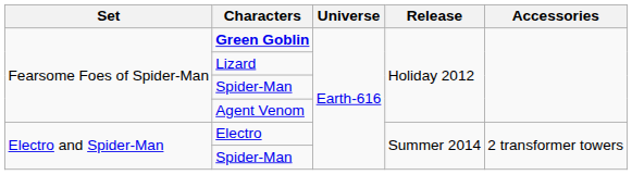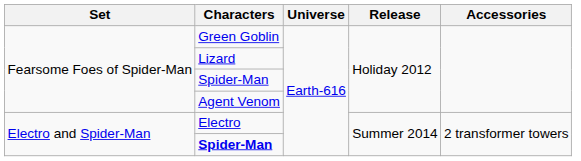 <table class="wikitable sortable">
 <tr>
 <th>Set</th>
 <th>Characters</th>
 <th>Universe</th>
 <th>Release</th>
 <th>Accessories</th>
 </tr>
 <tr>
 <td rowspan=4>Fearsome Foes of Spider-Man</td>
-<td><strong><a href='#'>Green Goblin</a></strong></td>
+<td><a href='#'>Green Goblin</a></td>
 <td rowspan=6><a href='#'>Earth-616</a></td>
 <td rowspan=4>Holiday 2012</td>
 <td rowspan=4></td>
 </tr>
 <tr>
 <td><a href='#'>Lizard</a></td>
 </tr>
 <tr>
 <td><a href='#'>Spider-Man</a></td>
 </tr>
 <tr>
 <td><a href='#'>Agent Venom</a></td>
 </tr>
 <tr>
 <td rowspan=2><a href='#'>Electro</a> and <a href='#'>Spider-Man</a></td>
 <td><a href='#'>Electro</a></td>
 <td rowspan=2>Summer 2014</td>
 <td rowspan=2>2 transformer towers</td>
 </tr>
 <tr>
-<td><a href='#'>Spider-Man</a></td>
+<td><strong><a href='#'>Spider-Man</a></strong></td>
 </tr>
 </table>
